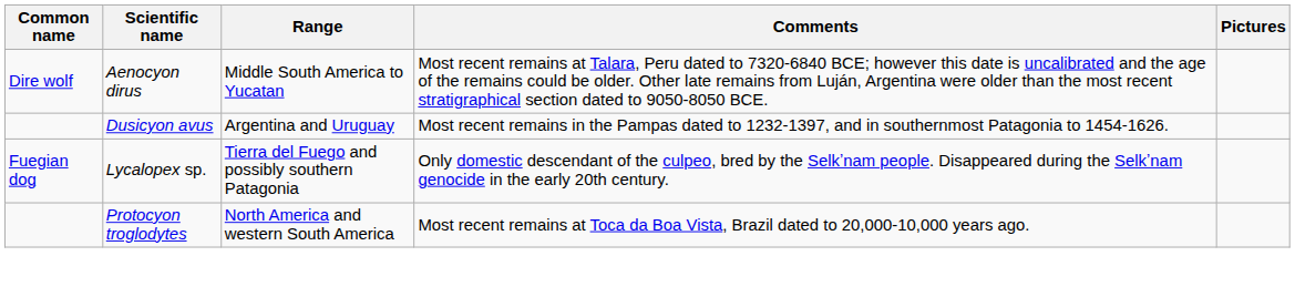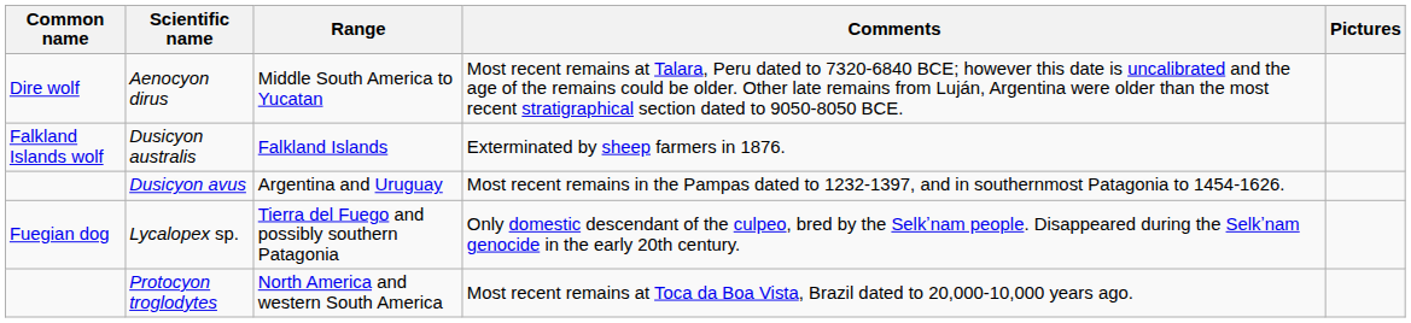 <table class="wikitable">
 <tr>
 <th>Common name</th>
 <th>Scientific name</th>
 <th>Range</th>
 <th class="unsortable">Comments</th>
 <th>Pictures</th>
 </tr>
 <tr>
 <td><a href='#'>Dire wolf</a></td>
 <td><em>Aenocyon dirus</em></td>
 <td>Middle South America to <a href='#'>Yucatan</a></td>
 <td>Most recent remains at <a href='#'>Talara</a>, Peru dated to 7320-6840 BCE; however this date is <a href='#'>uncalibrated</a> and the age of the remains could be older. Other late remains from Luján, Argentina were older than the most recent <a href='#'>stratigraphical</a> section dated to 9050-8050 BCE.</td>
+<td></td>
+</tr>
+<tr>
+<td><a href='#'>Falkland Islands wolf</a></td>
+<td><em>Dusicyon australis</em></td>
+<td><a href='#'>Falkland Islands</a></td>
+<td>Exterminated by <a href='#'>sheep</a> farmers in 1876.</td>
 <td></td>
 </tr>
 <tr>
 <td></td>
 <td><em><a href='#'>Dusicyon avus</a></em></td>
 <td>Argentina and <a href='#'>Uruguay</a></td>
 <td>Most recent remains in the Pampas dated to 1232-1397, and in southernmost Patagonia to 1454-1626.</td>
 <td></td>
 </tr>
 <tr>
 <td><a href='#'>Fuegian dog</a></td>
 <td><em>Lycalopex</em> sp.</td>
 <td><a href='#'>Tierra del Fuego</a> and possibly southern Patagonia</td>
 <td>Only <a href='#'>domestic</a> descendant of the <a href='#'>culpeo</a>, bred by the <a href='#'>Selkʼnam people</a>. Disappeared during the <a href='#'>Selkʼnam genocide</a> in the early 20th century.</td>
 <td></td>
 </tr>
 <tr>
 <td></td>
 <td><em><a href='#'>Protocyon troglodytes</a></em></td>
 <td><a href='#'>North America</a> and western South America</td>
 <td>Most recent remains at <a href='#'>Toca da Boa Vista</a>, Brazil dated to 20,000-10,000 years ago.</td>
 <td></td>
 </tr>
 </table>
